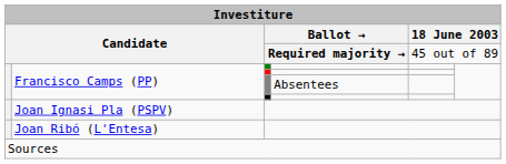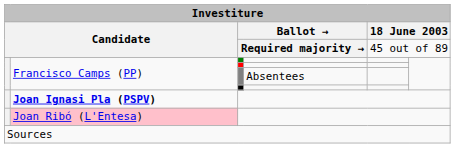 <table class="wikitable" style="text-align:center;">
 <tr>
 <td colspan="6" align="center" bgcolor="#C0C0C0"><strong>Investiture</strong></td>
 </tr>
 <tr>
 <th colspan="2" rowspan="2" width="275px">Candidate</th>
 <th colspan="2" width="150px">Ballot →</th>
 <th colspan="2">18 June 2003</th>
 </tr>
 <tr>
 <th colspan="2">Required majority →</th>
 <td colspan="2">45 out of 89</td>
 </tr>
 <tr>
 <th width="1px" rowspan="4" style="background:"></th>
 <td rowspan="4" align="left"><a href='#'>Francisco Camps</a> (<a href='#'>PP</a>)</td>
 <th width="1px" style="background:green;"></th>
 <td align="left"></td>
 <td></td>
 <td rowspan="4"></td>
 </tr>
 <tr>
 <th style="color:inherit;background:red;"></th>
 <td align="left"></td>
 <td></td>
 </tr>
 <tr>
 <th style="color:inherit;background:gray;"></th>
 <td align="left"><span>Absentees</span></td>
 <td></td>
 </tr>
 <tr>
 <th style="color:inherit;background:black;"></th>
 <td align="left"></td>
 <td></td>
 </tr>
 <tr>
 <th style="color:inherit;background:"></th>
-<td align="left"><a href='#'>Joan Ignasi Pla</a> (<a href='#'>PSPV</a>)</td>
+<td align="left"><strong><a href='#'>Joan Ignasi Pla</a> (<a href='#'>PSPV</a>)</strong></td>
 <td colspan="4"><em></em></td>
 </tr>
 <tr>
 <th style="color:inherit;background:"></th>
-<td align="left"><a href='#'>Joan Ribó</a> (<a href='#'>L'Entesa</a>)</td>
+<td align="left" style="background: pink;"><a href='#'>Joan Ribó</a> (<a href='#'>L'Entesa</a>)</td>
 <td colspan="4"><em></em></td>
 </tr>
 <tr>
 <td align="left" colspan="6">Sources</td>
 </tr>
 </table>
